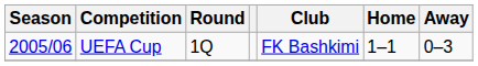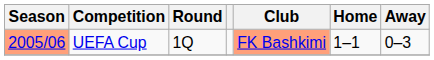 <table class="wikitable">
 <tr>
 <th>Season</th>
 <th>Competition</th>
 <th>Round</th>
 <th></th>
 <th>Club</th>
 <th>Home</th>
 <th>Away</th>
 </tr>
 <tr>
-<td><a href='#'>2005/06</a></td>
+<td style="background: lightsalmon;"><a href='#'>2005/06</a></td>
 <td><a href='#'>UEFA Cup</a></td>
 <td>1Q</td>
 <td></td>
-<td><a href='#'>FK Bashkimi</a></td>
+<td style="background: lightsalmon;"><a href='#'>FK Bashkimi</a></td>
 <td>1–1</td>
 <td>0–3</td>
 </tr>
 <tr>
 </tr>
 </table>
